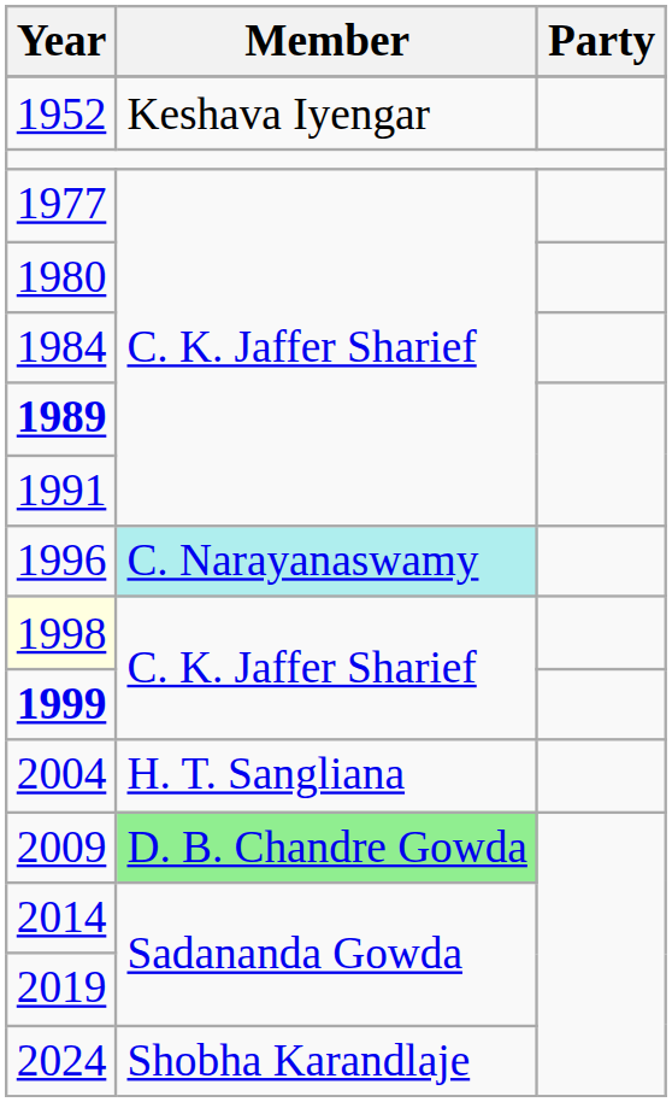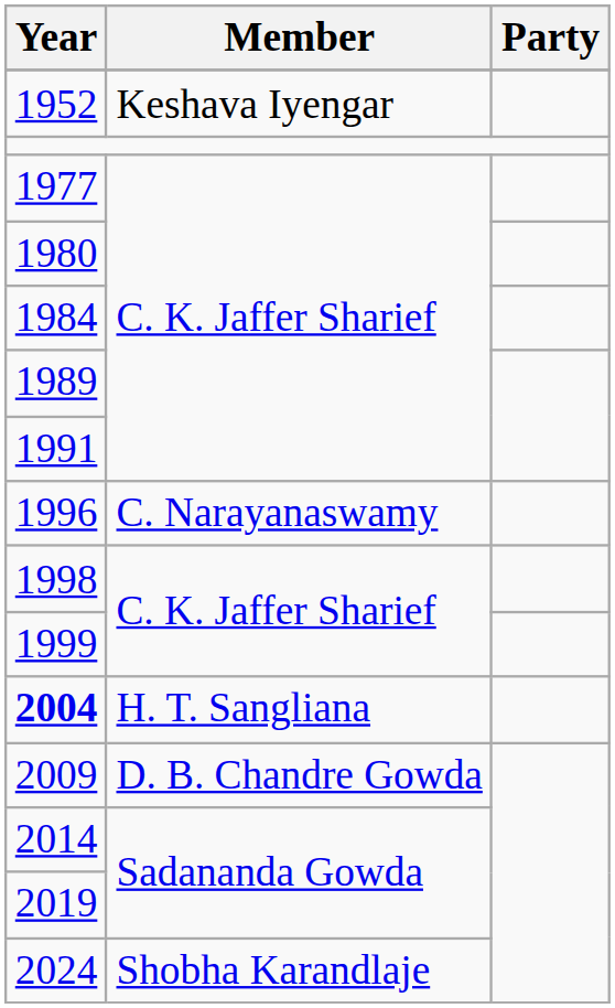 <table class="wikitable sortable">
 <tr>
 <th>Year</th>
 <th>Member</th>
 <th colspan="2">Party</th>
 </tr>
 <tr>
 </tr>
 <tr>
 <td><a href='#'>1952</a></td>
 <td>Keshava Iyengar</td>
 <td></td>
 </tr>
 <tr>
 <td colspan="4"></td>
 </tr>
 <tr>
 <td><a href='#'>1977</a></td>
 <td rowspan="5"><a href='#'>C. K. Jaffer Sharief</a></td>
 <td></td>
 </tr>
 <tr>
 <td><a href='#'>1980</a></td>
 <td></td>
 </tr>
 <tr>
 <td><a href='#'>1984</a></td>
 <td></td>
 </tr>
 <tr>
-<td><strong><a href='#'>1989</a></strong></td>
+<td><a href='#'>1989</a></td>
 </tr>
 <tr>
 <td><a href='#'>1991</a></td>
 </tr>
 <tr>
 <td><a href='#'>1996</a></td>
-<td style="background: paleturquoise;"><a href='#'>C. Narayanaswamy</a></td>
+<td><a href='#'>C. Narayanaswamy</a></td>
 <td></td>
 </tr>
 <tr>
-<td style="background: lightyellow;"><a href='#'>1998</a></td>
+<td><a href='#'>1998</a></td>
 <td rowspan="2"><a href='#'>C. K. Jaffer Sharief</a></td>
 <td></td>
 </tr>
 <tr>
-<td><strong><a href='#'>1999</a></strong></td>
+<td><a href='#'>1999</a></td>
 </tr>
 <tr>
-<td><a href='#'>2004</a></td>
+<td><strong><a href='#'>2004</a></strong></td>
 <td><a href='#'>H. T. Sangliana</a></td>
 <td></td>
 </tr>
 <tr>
 <td><a href='#'>2009</a></td>
-<td style="background: lightgreen;"><a href='#'>D. B. Chandre Gowda</a></td>
+<td><a href='#'>D. B. Chandre Gowda</a></td>
 </tr>
 <tr>
 <td><a href='#'>2014</a></td>
 <td rowspan="2"><a href='#'>Sadananda Gowda</a></td>
 </tr>
 <tr>
 <td><a href='#'>2019</a></td>
 </tr>
 <tr>
 <td><a href='#'>2024</a></td>
 <td><a href='#'>Shobha Karandlaje</a></td>
 </tr>
 </table>
